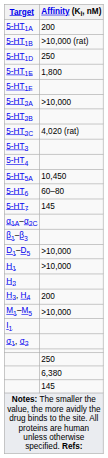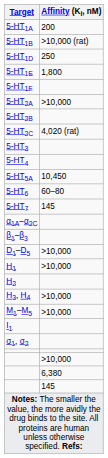 <table class="wikitable floatleft" style="font-size:small;">
 <tr>
 <th><a href='#'>Target</a></th>
 <th><a href='#'>Affinity</a> (K<sub>i</sub>, nM)</th>
 </tr>
 <tr>
 <td><a href='#'>5-HT<sub>1A</sub></a></td>
 <td>200</td>
 </tr>
 <tr>
 <td><a href='#'>5-HT<sub>1B</sub></a></td>
 <td>>10,000 (rat)</td>
 </tr>
 <tr>
 <td><a href='#'>5-HT<sub>1D</sub></a></td>
 <td>250</td>
 </tr>
 <tr>
 <td><a href='#'>5-HT<sub>1E</sub></a></td>
 <td>1,800</td>
 </tr>
 <tr>
 <td><a href='#'>5-HT<sub>1F</sub></a></td>
 <td></td>
 </tr>
 <tr>
 <td><a href='#'>5-HT<sub>2A</sub></a></td>
 <td>>10,000</td>
 </tr>
 <tr>
 <td><a href='#'>5-HT<sub>2B</sub></a></td>
 <td></td>
 </tr>
 <tr>
 <td><a href='#'>5-HT<sub>2C</sub></a></td>
 <td>4,020 (rat)</td>
 </tr>
 <tr>
 <td><a href='#'>5-HT<sub>3</sub></a></td>
 <td></td>
 </tr>
 <tr>
 <td><a href='#'>5-HT<sub>4</sub></a></td>
 <td></td>
 </tr>
 <tr>
 <td><a href='#'>5-HT<sub>5A</sub></a></td>
 <td>10,450</td>
 </tr>
 <tr>
 <td><a href='#'>5-HT<sub>6</sub></a></td>
 <td>60–80</td>
 </tr>
 <tr>
 <td><a href='#'>5-HT<sub>7</sub></a></td>
 <td>145</td>
 </tr>
 <tr>
 <td><a href='#'>α<sub>1A</sub></a>–<a href='#'>α<sub>2C</sub></a></td>
 <td></td>
 </tr>
 <tr>
 <td><a href='#'>β<sub>1</sub></a>–<a href='#'>β<sub>3</sub></a></td>
 <td></td>
 </tr>
 <tr>
 <td><a href='#'>D<sub>1</sub></a>–<a href='#'>D<sub>5</sub></a></td>
 <td>>10,000</td>
 </tr>
 <tr>
 <td><a href='#'>H<sub>1</sub></a></td>
 <td>>10,000</td>
 </tr>
 <tr>
 <td><a href='#'>H<sub>2</sub></a></td>
 <td></td>
 </tr>
 <tr>
 <td><a href='#'>H<sub>3</sub></a>, <a href='#'>H<sub>4</sub></a></td>
-<td>200</td>
+<td>>10,000</td>
 </tr>
 <tr>
 <td><a href='#'>M<sub>1</sub></a>–<a href='#'>M<sub>5</sub></a></td>
 <td>>10,000</td>
 </tr>
 <tr>
 <td><a href='#'>I<sub>1</sub></a></td>
 <td></td>
 </tr>
 <tr>
 <td><a href='#'>σ<sub>1</sub></a>, <a href='#'>σ<sub>2</sub></a></td>
 <td></td>
 </tr>
 <tr>
 <td></td>
 <td></td>
 </tr>
 <tr>
 <td></td>
-<td>250</td>
+<td>>10,000</td>
 </tr>
 <tr>
 <td></td>
 <td>6,380</td>
 </tr>
 <tr>
 <td></td>
 <td>145</td>
 </tr>
 <tr class="sortbottom">
 <td colspan="2" style="width: 1px; background-color:#eaecf0; text-align: center;"><strong>Notes:</strong> The smaller the value, the more avidly the drug binds to the site. All proteins are human unless otherwise specified. <strong>Refs:</strong> </td>
 </tr>
 </table>
